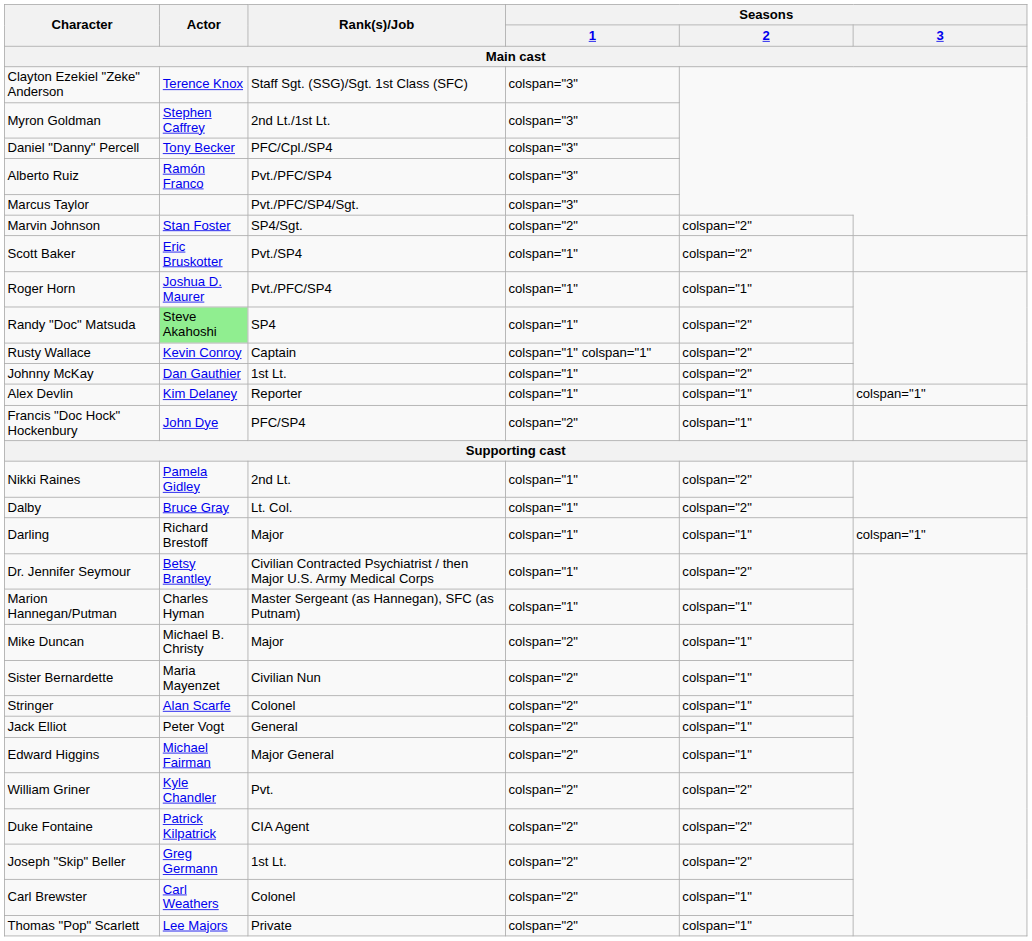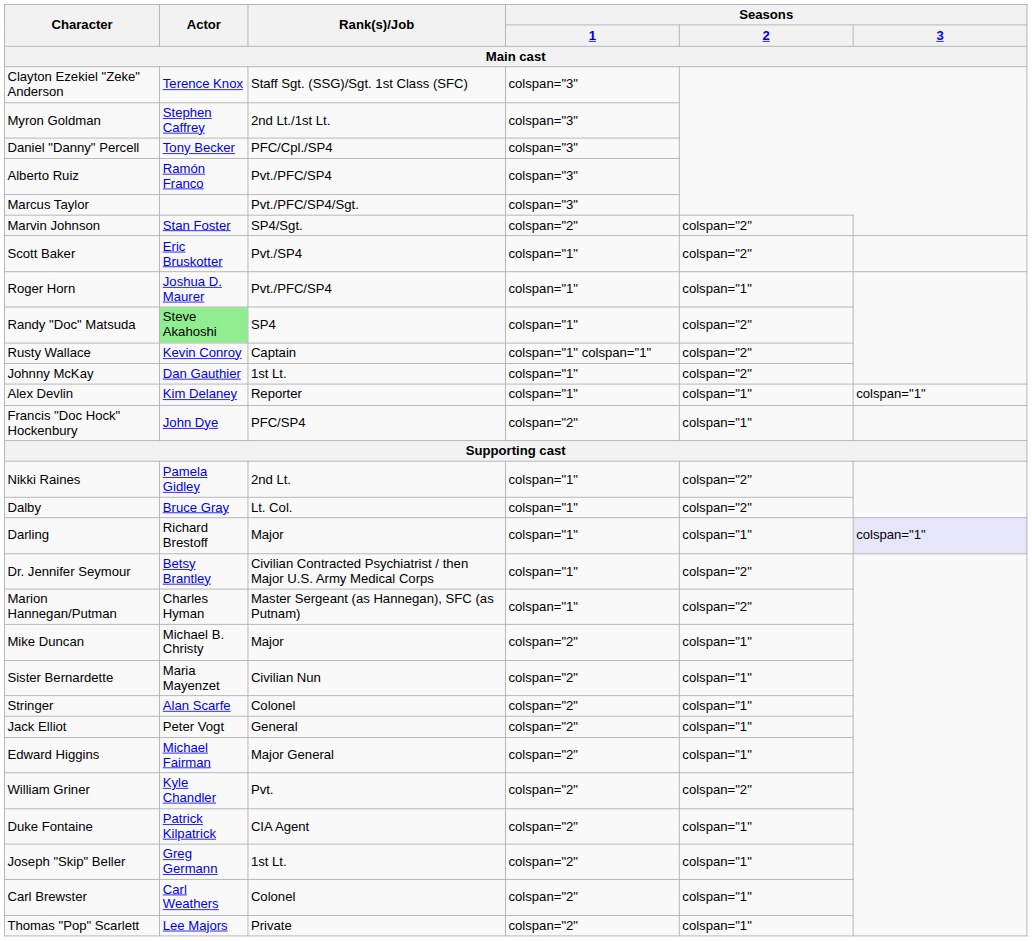 <table class="wikitable">
 <tr>
 <th rowspan="2">Character</th>
 <th rowspan="2">Actor</th>
 <th rowspan="2">Rank(s)/Job</th>
 <th colspan="3">Seasons</th>
 </tr>
 <tr>
 <th width="17%"><a href='#'>1</a></th>
 <th width="17%"><a href='#'>2</a></th>
 <th width="17%"><a href='#'>3</a></th>
 </tr>
 <tr>
 <th colspan="6">Main cast</th>
 </tr>
 <tr>
 <td>Clayton Ezekiel "Zeke" Anderson</td>
 <td><a href='#'>Terence Knox</a></td>
 <td>Staff Sgt. (SSG)/Sgt. 1st Class (SFC)</td>
 <td>colspan="3" </td>
 </tr>
 <tr>
 <td>Myron Goldman</td>
 <td><a href='#'>Stephen Caffrey</a></td>
 <td>2nd Lt./1st Lt.</td>
 <td>colspan="3" </td>
 </tr>
 <tr>
 <td>Daniel "Danny" Percell</td>
 <td><a href='#'>Tony Becker</a></td>
 <td>PFC/Cpl./SP4</td>
 <td>colspan="3" </td>
 </tr>
 <tr>
 <td>Alberto Ruiz</td>
 <td><a href='#'>Ramón Franco</a></td>
 <td>Pvt./PFC/SP4</td>
 <td>colspan="3" </td>
 </tr>
 <tr>
 <td>Marcus Taylor</td>
 <td></td>
 <td>Pvt./PFC/SP4/Sgt.</td>
 <td>colspan="3" </td>
 </tr>
 <tr>
 <td>Marvin Johnson</td>
 <td><a href='#'>Stan Foster</a></td>
 <td>SP4/Sgt.</td>
 <td>colspan="2" </td>
 <td>colspan="2" </td>
 </tr>
 <tr>
 <td>Scott Baker</td>
 <td><a href='#'>Eric Bruskotter</a></td>
 <td>Pvt./SP4</td>
 <td>colspan="1" </td>
 <td>colspan="2" </td>
 <td></td>
 </tr>
 <tr>
 <td>Roger Horn</td>
 <td><a href='#'>Joshua D. Maurer</a></td>
 <td>Pvt./PFC/SP4</td>
 <td>colspan="1" </td>
 <td>colspan="1" </td>
 </tr>
 <tr>
 <td>Randy "Doc" Matsuda</td>
 <td style="background: lightgreen;">Steve Akahoshi</td>
 <td>SP4</td>
 <td>colspan="1" </td>
 <td>colspan="2" </td>
 </tr>
 <tr>
 <td>Rusty Wallace</td>
 <td><a href='#'>Kevin Conroy</a></td>
 <td>Captain</td>
 <td>colspan="1" colspan="1" </td>
 <td>colspan="2" </td>
 </tr>
 <tr>
 <td>Johnny McKay</td>
 <td><a href='#'>Dan Gauthier</a></td>
 <td>1st Lt.</td>
 <td>colspan="1" </td>
 <td>colspan="2" </td>
 </tr>
 <tr>
 <td>Alex Devlin</td>
 <td><a href='#'>Kim Delaney</a></td>
 <td>Reporter</td>
 <td>colspan="1" </td>
 <td>colspan="1" </td>
 <td>colspan="1" </td>
 </tr>
 <tr>
 <td>Francis "Doc Hock" Hockenbury</td>
 <td><a href='#'>John Dye</a></td>
 <td>PFC/SP4</td>
 <td>colspan="2" </td>
 <td>colspan="1" </td>
 </tr>
 <tr>
 <th colspan="6">Supporting cast</th>
 </tr>
 <tr>
 <td>Nikki Raines</td>
 <td><a href='#'>Pamela Gidley</a></td>
 <td>2nd Lt.</td>
 <td>colspan="1" </td>
 <td>colspan="2" </td>
 </tr>
 <tr>
 <td>Dalby</td>
 <td><a href='#'>Bruce Gray</a></td>
 <td>Lt. Col.</td>
 <td>colspan="1" </td>
 <td>colspan="2" </td>
 </tr>
 <tr>
 <td>Darling</td>
 <td>Richard Brestoff</td>
 <td>Major</td>
 <td>colspan="1" </td>
 <td>colspan="1" </td>
-<td>colspan="1" </td>
+<td style="background: lavender;">colspan="1" </td>
 </tr>
 <tr>
 <td>Dr. Jennifer Seymour</td>
 <td><a href='#'>Betsy Brantley</a></td>
 <td>Civilian Contracted Psychiatrist / then Major U.S. Army Medical Corps</td>
 <td>colspan="1" </td>
 <td>colspan="2" </td>
 </tr>
 <tr>
 <td>Marion Hannegan/Putman</td>
 <td>Charles Hyman</td>
 <td>Master Sergeant (as Hannegan), SFC (as Putnam)</td>
 <td>colspan="1" </td>
-<td>colspan="1" </td>
+<td>colspan="2" </td>
 </tr>
 <tr>
 <td>Mike Duncan</td>
 <td>Michael B. Christy</td>
 <td>Major</td>
 <td>colspan="2" </td>
 <td>colspan="1" </td>
 </tr>
 <tr>
 <td>Sister Bernardette</td>
 <td>Maria Mayenzet</td>
 <td>Civilian Nun</td>
 <td>colspan="2" </td>
 <td>colspan="1" </td>
 </tr>
 <tr>
 <td>Stringer</td>
 <td><a href='#'>Alan Scarfe</a></td>
 <td>Colonel</td>
 <td>colspan="2" </td>
 <td>colspan="1" </td>
 </tr>
 <tr>
 <td>Jack Elliot</td>
 <td>Peter Vogt</td>
 <td>General</td>
 <td>colspan="2" </td>
 <td>colspan="1" </td>
 </tr>
 <tr>
 <td>Edward Higgins</td>
 <td><a href='#'>Michael Fairman</a></td>
 <td>Major General</td>
 <td>colspan="2" </td>
 <td>colspan="1" </td>
 </tr>
 <tr>
 <td>William Griner</td>
 <td><a href='#'>Kyle Chandler</a></td>
 <td>Pvt.</td>
 <td>colspan="2" </td>
 <td>colspan="2" </td>
 </tr>
 <tr>
 <td>Duke Fontaine</td>
 <td><a href='#'>Patrick Kilpatrick</a></td>
 <td>CIA Agent</td>
 <td>colspan="2" </td>
-<td>colspan="2" </td>
+<td>colspan="1" </td>
 </tr>
 <tr>
 <td>Joseph "Skip" Beller</td>
 <td><a href='#'>Greg Germann</a></td>
 <td>1st Lt.</td>
 <td>colspan="2" </td>
-<td>colspan="2" </td>
+<td>colspan="1" </td>
 </tr>
 <tr>
 <td>Carl Brewster</td>
 <td><a href='#'>Carl Weathers</a></td>
 <td>Colonel</td>
 <td>colspan="2" </td>
 <td>colspan="1" </td>
 </tr>
 <tr>
 <td>Thomas "Pop" Scarlett</td>
 <td><a href='#'>Lee Majors</a></td>
 <td>Private</td>
 <td>colspan="2" </td>
 <td>colspan="1" </td>
 </tr>
 </table>
